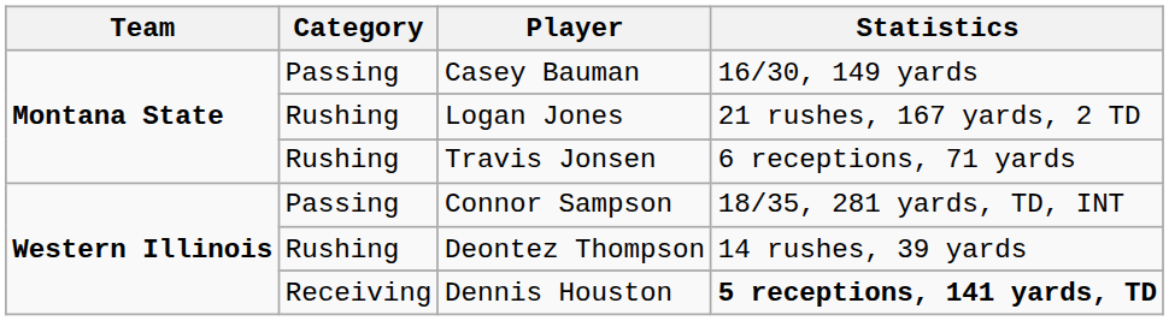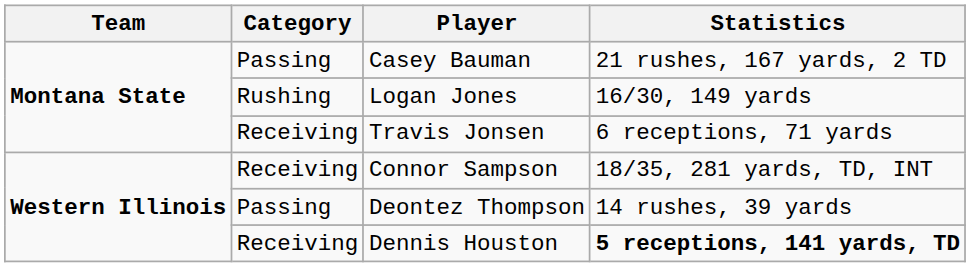 <table class="wikitable" style="float: left;">
 <tr>
 <th>Team</th>
 <th>Category</th>
 <th>Player</th>
 <th>Statistics</th>
 </tr>
 <tr>
 <td rowspan=3><strong>Montana State</strong></td>
 <td>Passing</td>
 <td>Casey Bauman</td>
-<td>16/30, 149 yards</td>
+<td>21 rushes, 167 yards, 2 TD</td>
 </tr>
 <tr>
 <td>Rushing</td>
 <td>Logan Jones</td>
-<td>21 rushes, 167 yards, 2 TD</td>
+<td>16/30, 149 yards</td>
 </tr>
 <tr>
-<td>Rushing</td>
+<td>Receiving</td>
 <td>Travis Jonsen</td>
 <td>6 receptions, 71 yards</td>
 </tr>
 <tr>
 <td rowspan=3><strong>Western Illinois</strong></td>
-<td>Passing</td>
+<td>Receiving</td>
 <td>Connor Sampson</td>
 <td>18/35, 281 yards, TD, INT</td>
 </tr>
 <tr>
-<td>Rushing</td>
+<td>Passing</td>
 <td>Deontez Thompson</td>
 <td>14 rushes, 39 yards</td>
 </tr>
 <tr>
 <td>Receiving</td>
 <td>Dennis Houston</td>
 <td><strong>5 receptions, 141 yards, TD</strong></td>
 </tr>
 </table>
